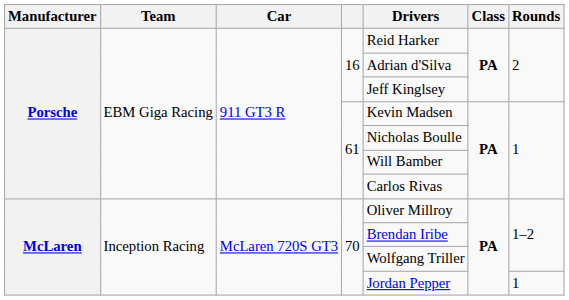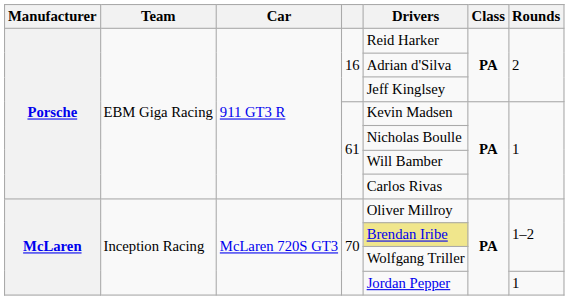 <table class="wikitable" style="font-size:85%;">
 <tr>
 <th>Manufacturer</th>
 <th>Team</th>
 <th>Car</th>
 <th></th>
 <th>Drivers</th>
 <th>Class</th>
 <th>Rounds</th>
 </tr>
 <tr>
 <th rowspan=7><a href='#'>Porsche</a></th>
 <td rowspan=7> EBM Giga Racing</td>
 <td rowspan=7><a href='#'>911 GT3 R</a></td>
 <td rowspan=3>16</td>
 <td> Reid Harker</td>
 <td rowspan=3 align=center><strong><span>PA</span></strong></td>
 <td rowspan=3>2</td>
 </tr>
 <tr>
 <td> Adrian d'Silva</td>
 </tr>
 <tr>
 <td> Jeff Kinglsey</td>
 </tr>
 <tr>
 <td rowspan=4>61</td>
 <td> Kevin Madsen</td>
 <td rowspan=4 align=center><strong><span>PA</span></strong></td>
 <td rowspan=4>1</td>
 </tr>
 <tr>
 <td> Nicholas Boulle</td>
 </tr>
 <tr>
 <td> Will Bamber</td>
 </tr>
 <tr>
 <td> Carlos Rivas</td>
 </tr>
 <tr>
 <th rowspan=4><a href='#'>McLaren</a></th>
 <td rowspan=4> Inception Racing</td>
 <td rowspan=4><a href='#'>McLaren 720S GT3</a></td>
 <td rowspan=4>70</td>
 <td> Oliver Millroy</td>
 <td rowspan=4 align=center><strong><span>PA</span></strong></td>
 <td rowspan=3>1–2</td>
 </tr>
 <tr>
-<td> <a href='#'>Brendan Iribe</a></td>
+<td style="background: khaki;"> <a href='#'>Brendan Iribe</a></td>
 </tr>
 <tr>
 <td> Wolfgang Triller</td>
 </tr>
 <tr>
 <td> <a href='#'>Jordan Pepper</a></td>
 <td>1</td>
 </tr>
 </table>
